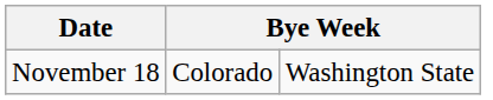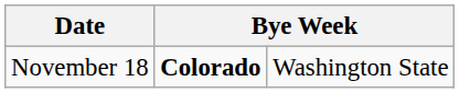 <table class="wikitable" style="font-size:95%;">
 <tr>
 <th>Date</th>
 <th colspan="2">Bye Week</th>
 </tr>
 <tr>
 <td>November 18</td>
-<td>Colorado</td>
+<td><strong>Colorado</strong></td>
 <td>Washington State</td>
 </tr>
 </table>
